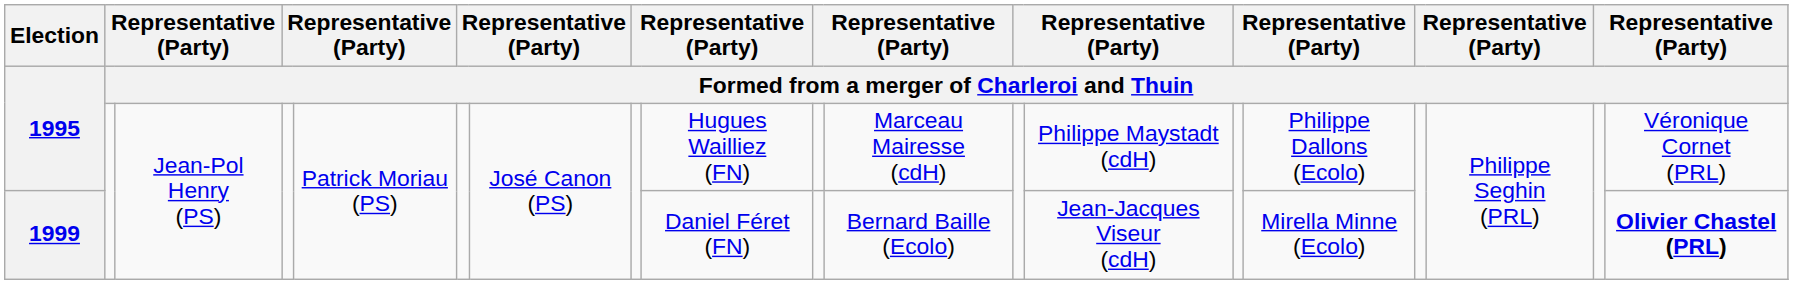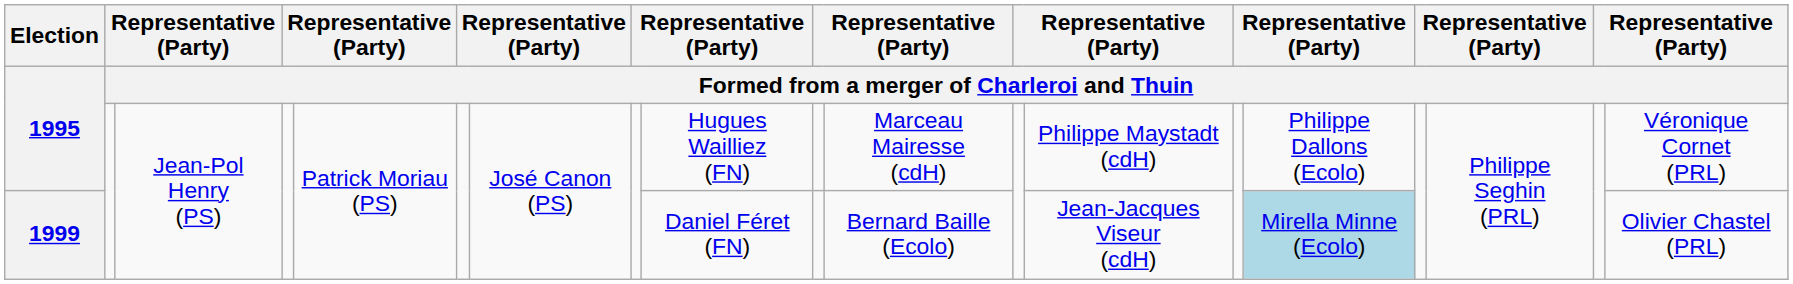 <table class="wikitable" style="text-align:center">
 <tr>
 <th>Election</th>
 <th colspan=2>Representative<br>(Party)</th>
 <th colspan=2>Representative<br>(Party)</th>
 <th colspan=2>Representative<br>(Party)</th>
 <th colspan=2>Representative<br>(Party)</th>
 <th colspan=2>Representative<br>(Party)</th>
 <th colspan=2>Representative<br>(Party)</th>
 <th colspan=2>Representative<br>(Party)</th>
 <th colspan=2>Representative<br>(Party)</th>
 <th colspan=2>Representative<br>(Party)</th>
 </tr>
 <tr>
 <th rowspan=2><a href='#'>1995</a></th>
 <th colspan=18>Formed from a merger of <a href='#'>Charleroi</a> and <a href='#'>Thuin</a></th>
 </tr>
 <tr>
 <td rowspan=2; style="background-color: "></td>
 <td rowspan=2><a href='#'>Jean-Pol Henry</a><br>(<a href='#'>PS</a>)</td>
 <td rowspan=2; style="background-color: "></td>
 <td rowspan=2><a href='#'>Patrick Moriau</a><br>(<a href='#'>PS</a>)</td>
 <td rowspan=2; style="background-color: "></td>
 <td rowspan=2><a href='#'>José Canon</a><br>(<a href='#'>PS</a>)</td>
 <td rowspan=2; style="background-color: "></td>
 <td rowspan=1><a href='#'>Hugues Wailliez</a><br>(<a href='#'>FN</a>)</td>
 <td rowspan=1; style="background-color: "></td>
 <td rowspan=1><a href='#'>Marceau Mairesse</a><br>(<a href='#'>cdH</a>)</td>
 <td rowspan=2; style="background-color: "></td>
 <td rowspan=1><a href='#'>Philippe Maystadt</a><br>(<a href='#'>cdH</a>)</td>
 <td rowspan=2; style="background-color: "></td>
 <td rowspan=1><a href='#'>Philippe Dallons</a><br>(<a href='#'>Ecolo</a>)</td>
 <td rowspan=2; style="background-color: "></td>
 <td rowspan=2><a href='#'>Philippe Seghin</a><br>(<a href='#'>PRL</a>)</td>
 <td rowspan=2; style="background-color: "></td>
 <td rowspan=1><a href='#'>Véronique Cornet</a><br>(<a href='#'>PRL</a>)</td>
 </tr>
 <tr>
 <th><a href='#'>1999</a></th>
 <td rowspan=1><a href='#'>Daniel Féret</a><br>(<a href='#'>FN</a>)</td>
 <td rowspan=1; style="background-color: "></td>
 <td rowspan=1><a href='#'>Bernard Baille</a><br>(<a href='#'>Ecolo</a>)</td>
 <td rowspan=1><a href='#'>Jean-Jacques Viseur</a><br>(<a href='#'>cdH</a>)</td>
-<td rowspan=1><a href='#'>Mirella Minne</a><br>(<a href='#'>Ecolo</a>)</td>
-<td rowspan=1><strong><a href='#'>Olivier Chastel</a><br>(<a href='#'>PRL</a>)</strong></td>
+<td rowspan=1 style="background: lightblue;"><a href='#'>Mirella Minne</a><br>(<a href='#'>Ecolo</a>)</td>
+<td rowspan=1><a href='#'>Olivier Chastel</a><br>(<a href='#'>PRL</a>)</td>
 </tr>
 </table>
